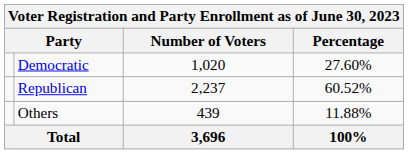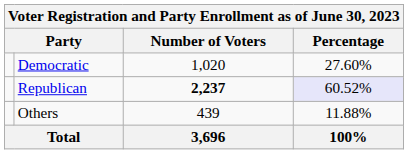 <table class=wikitable>
 <tr>
 <th colspan = 6>Voter Registration and Party Enrollment as of June 30, 2023</th>
 </tr>
 <tr>
 <th colspan = 2>Party</th>
 <th>Number of Voters</th>
 <th>Percentage</th>
 </tr>
 <tr>
 <td></td>
 <td><a href='#'>Democratic</a></td>
 <td align = center>1,020</td>
 <td align = center>27.60%</td>
 </tr>
 <tr>
 <td></td>
 <td><a href='#'>Republican</a></td>
-<td align = center>2,237</td>
-<td align = center>60.52%</td>
+<td align = center><strong>2,237</strong></td>
+<td align = center style="background: lavender;">60.52%</td>
 </tr>
 <tr>
 <td></td>
 <td>Others</td>
 <td align = center>439</td>
 <td align = center>11.88%</td>
 </tr>
 <tr>
 <th colspan = 2>Total</th>
 <th align = center>3,696</th>
 <th align = center>100%</th>
 </tr>
 </table>
